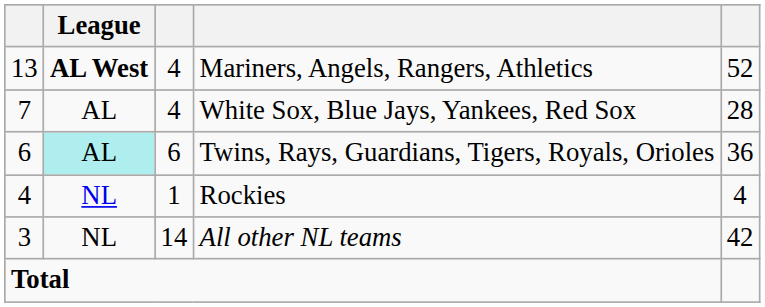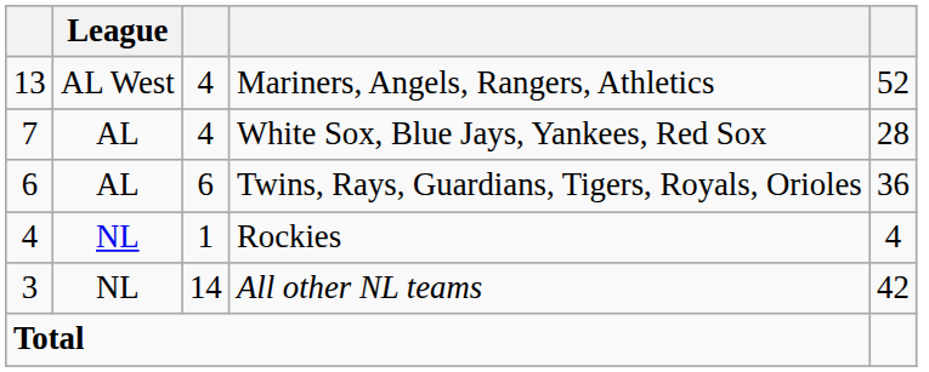 <table class="wikitable">
 <tr>
 <th></th>
 <th>League</th>
 <th></th>
 <th></th>
 <th></th>
 </tr>
 <tr>
 <td align="center">13</td>
-<td align="center"><strong>AL West</strong></td>
+<td align="center">AL West</td>
 <td align="center">4</td>
 <td>Mariners, Angels, Rangers, Athletics</td>
 <td align="center">52</td>
 </tr>
 <tr>
 <td align="center">7</td>
 <td align="center">AL</td>
 <td align="center">4</td>
 <td>White Sox, Blue Jays, Yankees, Red Sox</td>
 <td align="center">28</td>
 </tr>
 <tr>
 <td align="center">6</td>
-<td align="center" style="background: paleturquoise;">AL</td>
+<td align="center">AL</td>
 <td align="center">6</td>
 <td>Twins, Rays, Guardians, Tigers, Royals, Orioles</td>
 <td align="center">36</td>
 </tr>
 <tr>
 <td align="center">4</td>
 <td align="center"><a href='#'>NL</a></td>
 <td align="center">1</td>
 <td>Rockies</td>
 <td align="center">4</td>
 </tr>
 <tr>
 <td align="center">3</td>
 <td align="center">NL</td>
 <td align="center">14</td>
 <td><em>All other NL teams</em></td>
 <td align="center">42</td>
 </tr>
 <tr>
 <td colspan="4"><strong>Total</strong></td>
 <td align="center"></td>
 </tr>
 </table>
